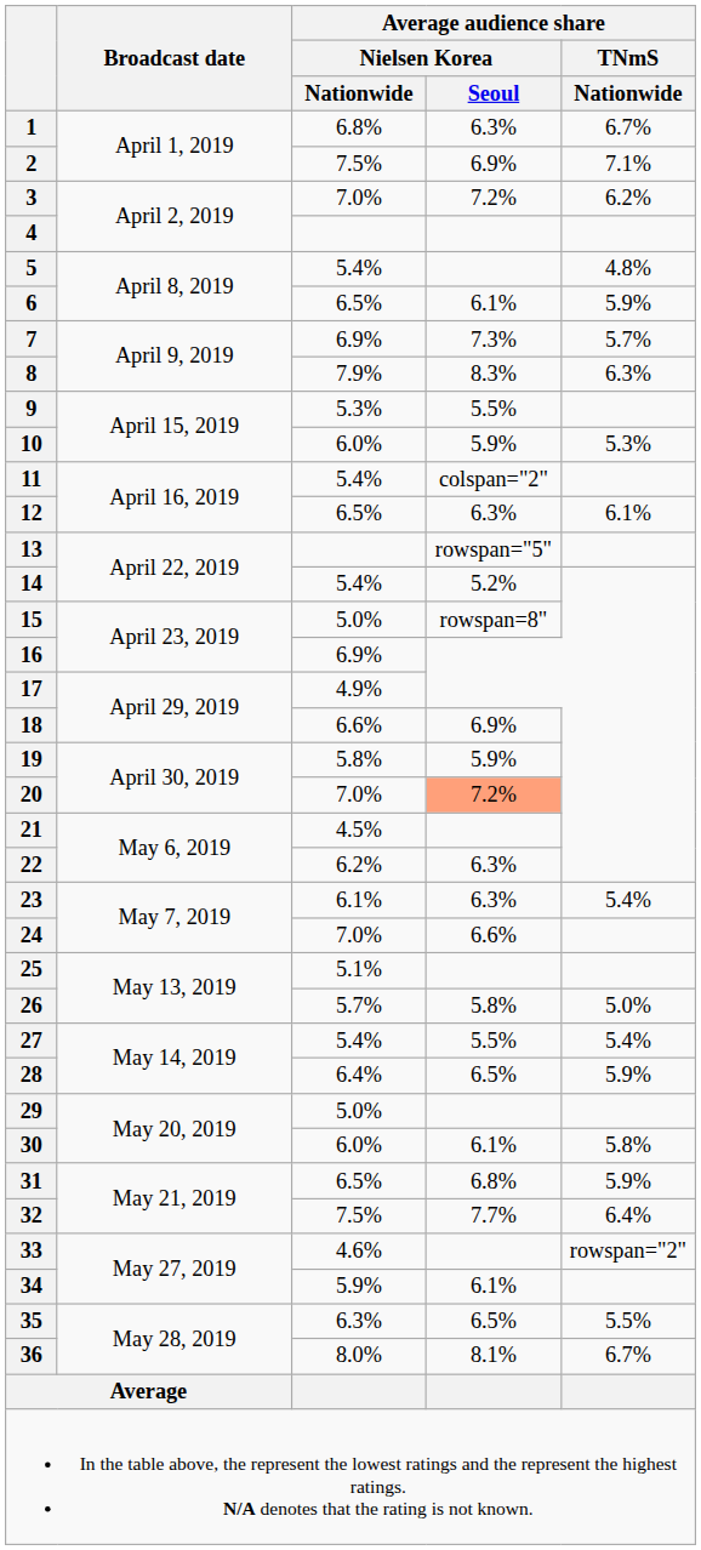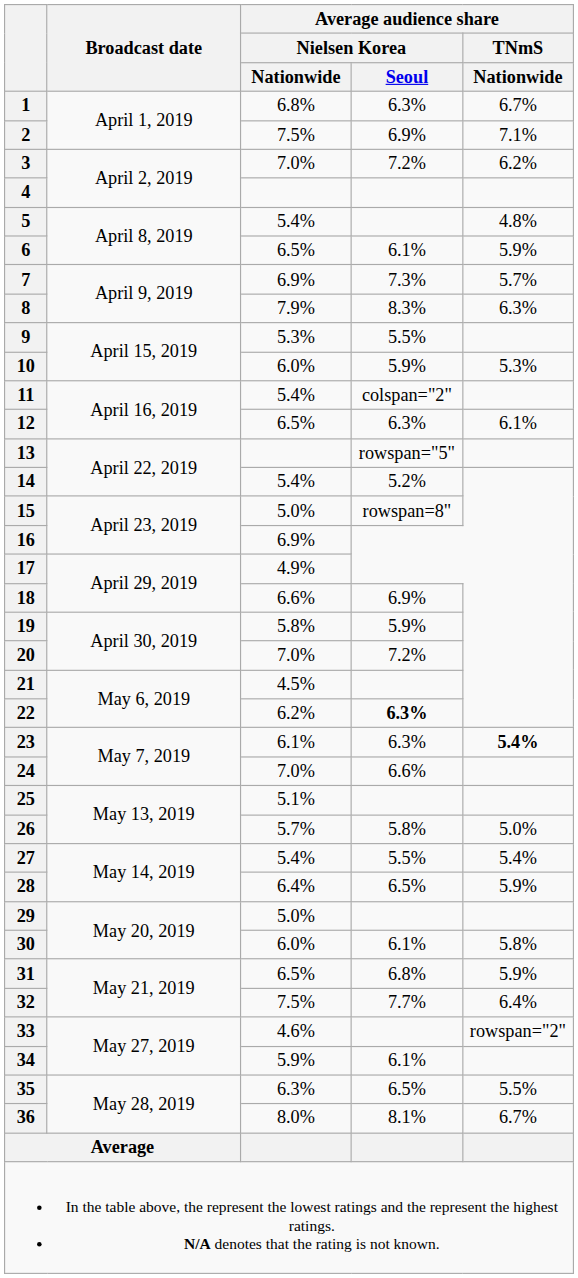 <table class="wikitable" style="text-align:center; width:500px">
 <tr>
 <th rowspan="3"></th>
 <th rowspan="3">Broadcast date</th>
 <th colspan="3">Average audience share</th>
 </tr>
 <tr>
 <th colspan="2">Nielsen Korea</th>
 <th colspan="1">TNmS</th>
 </tr>
 <tr>
 <th width="90">Nationwide</th>
 <th width="90"><a href='#'>Seoul</a></th>
 <th width="90">Nationwide</th>
 </tr>
 <tr>
 <th>1</th>
 <td rowspan="2">April 1, 2019</td>
 <td>6.8%</td>
 <td>6.3%</td>
 <td>6.7%</td>
 </tr>
 <tr>
 <th>2</th>
 <td>7.5%</td>
 <td>6.9%</td>
 <td>7.1%</td>
 </tr>
 <tr>
 <th>3</th>
 <td rowspan="2">April 2, 2019</td>
 <td>7.0%</td>
 <td>7.2%</td>
 <td>6.2%</td>
 </tr>
 <tr>
 <th>4</th>
 <td></td>
 <td></td>
 <td></td>
 </tr>
 <tr>
 <th>5</th>
 <td rowspan="2">April 8, 2019</td>
 <td>5.4%</td>
 <td></td>
 <td>4.8%</td>
 </tr>
 <tr>
 <th>6</th>
 <td>6.5%</td>
 <td>6.1%</td>
 <td>5.9%</td>
 </tr>
 <tr>
 <th>7</th>
 <td rowspan="2">April 9, 2019</td>
 <td>6.9%</td>
 <td>7.3%</td>
 <td>5.7%</td>
 </tr>
 <tr>
 <th>8</th>
 <td>7.9%</td>
 <td>8.3%</td>
 <td>6.3%</td>
 </tr>
 <tr>
 <th>9</th>
 <td rowspan="2">April 15, 2019</td>
 <td>5.3%</td>
 <td>5.5%</td>
 <td></td>
 </tr>
 <tr>
 <th>10</th>
 <td>6.0%</td>
 <td>5.9%</td>
 <td>5.3%</td>
 </tr>
 <tr>
 <th>11</th>
 <td rowspan="2">April 16, 2019</td>
 <td>5.4%</td>
 <td>colspan="2" </td>
 </tr>
 <tr>
 <th>12</th>
 <td>6.5%</td>
 <td>6.3%</td>
 <td>6.1%</td>
 </tr>
 <tr>
 <th>13</th>
 <td rowspan="2">April 22, 2019</td>
 <td></td>
 <td>rowspan="5" </td>
 <td></td>
 </tr>
 <tr>
 <th>14</th>
 <td>5.4%</td>
 <td>5.2%</td>
 </tr>
 <tr>
 <th>15</th>
 <td rowspan="2">April 23, 2019</td>
 <td>5.0%</td>
 <td>rowspan=8" </td>
 </tr>
 <tr>
 <th>16</th>
 <td>6.9%</td>
 </tr>
 <tr>
 <th>17</th>
 <td rowspan="2">April 29, 2019</td>
 <td>4.9%</td>
 </tr>
 <tr>
 <th>18</th>
 <td>6.6%</td>
 <td>6.9%</td>
 </tr>
 <tr>
 <th>19</th>
 <td rowspan="2">April 30, 2019</td>
 <td>5.8%</td>
 <td>5.9%</td>
 </tr>
 <tr>
 <th>20</th>
 <td>7.0%</td>
-<td style="background: lightsalmon;">7.2%</td>
+<td>7.2%</td>
 </tr>
 <tr>
 <th>21</th>
 <td rowspan="2">May 6, 2019</td>
 <td>4.5%</td>
 <td></td>
 </tr>
 <tr>
 <th>22</th>
 <td>6.2%</td>
-<td>6.3%</td>
+<td><strong>6.3%</strong></td>
 </tr>
 <tr>
 <th>23</th>
 <td rowspan="2">May 7, 2019</td>
 <td>6.1%</td>
 <td>6.3%</td>
-<td>5.4%</td>
+<td><strong>5.4%</strong></td>
 </tr>
 <tr>
 <th>24</th>
 <td>7.0%</td>
 <td>6.6%</td>
 <td></td>
 </tr>
 <tr>
 <th>25</th>
 <td rowspan="2">May 13, 2019</td>
 <td>5.1%</td>
 <td></td>
 <td></td>
 </tr>
 <tr>
 <th>26</th>
 <td>5.7%</td>
 <td>5.8%</td>
 <td>5.0%</td>
 </tr>
 <tr>
 <th>27</th>
 <td rowspan="2">May 14, 2019</td>
 <td>5.4%</td>
 <td>5.5%</td>
 <td>5.4%</td>
 </tr>
 <tr>
 <th>28</th>
 <td>6.4%</td>
 <td>6.5%</td>
 <td>5.9%</td>
 </tr>
 <tr>
 <th>29</th>
 <td rowspan="2">May 20, 2019</td>
 <td>5.0%</td>
 <td></td>
 <td></td>
 </tr>
 <tr>
 <th>30</th>
 <td>6.0%</td>
 <td>6.1%</td>
 <td>5.8%</td>
 </tr>
 <tr>
 <th>31</th>
 <td rowspan="2">May 21, 2019</td>
 <td>6.5%</td>
 <td>6.8%</td>
 <td>5.9%</td>
 </tr>
 <tr>
 <th>32</th>
 <td>7.5%</td>
 <td>7.7%</td>
 <td>6.4%</td>
 </tr>
 <tr>
 <th>33</th>
 <td rowspan="2">May 27, 2019</td>
 <td>4.6%</td>
 <td></td>
 <td>rowspan="2" </td>
 </tr>
 <tr>
 <th>34</th>
 <td>5.9%</td>
 <td>6.1%</td>
 </tr>
 <tr>
 <th>35</th>
 <td rowspan="2">May 28, 2019</td>
 <td>6.3%</td>
 <td>6.5%</td>
 <td>5.5%</td>
 </tr>
 <tr>
 <th>36</th>
 <td>8.0%</td>
 <td>8.1%</td>
 <td>6.7%</td>
 </tr>
 <tr>
 <th colspan="2">Average</th>
 <th></th>
 <th></th>
 <th></th>
 </tr>
 <tr>
 <td colspan="5" style="font-size:85%"><br><ul><li>In the table above, the <strong></strong> represent the lowest ratings and the <strong></strong> represent the highest ratings.</li><li><strong>N/A</strong> denotes that the rating is not known.</li></ul></td>
 </tr>
 </table>
